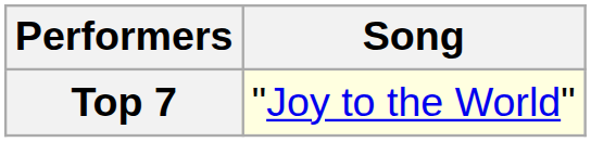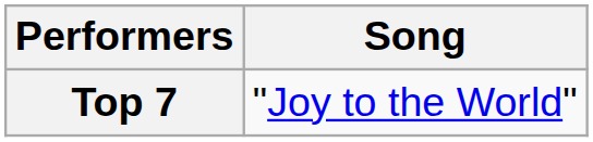 <table class="wikitable unsortable" style="text-align:center;">
 <tr>
 <th scope="col">Performers</th>
 <th scope="col">Song</th>
 </tr>
 <tr>
 <th scope="row">Top 7</th>
-<td style="background: lightyellow;">"<a href='#'>Joy to the World</a>"</td>
+<td>"<a href='#'>Joy to the World</a>"</td>
 </tr>
 </table>
